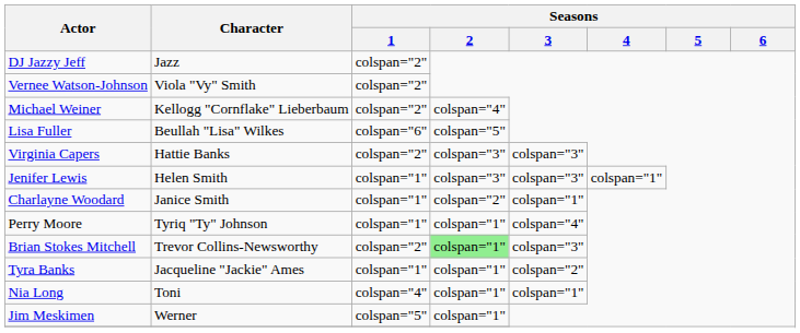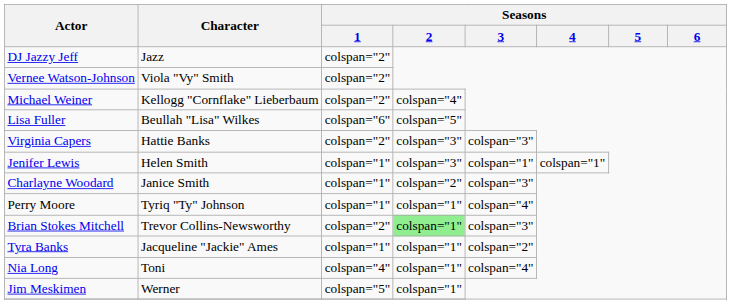 <table class="wikitable plainrowheaders">
 <tr>
 <th scope="col" rowspan="2">Actor</th>
 <th scope="col" rowspan="2">Character</th>
 <th scope="col" colspan="11">Seasons</th>
 </tr>
 <tr>
 <th scope="col" style="width:4em;"><a href='#'>1</a></th>
 <th scope="col" style="width:4em;"><a href='#'>2</a></th>
 <th scope="col" style="width:4em;"><a href='#'>3</a></th>
 <th scope="col" style="width:4em;"><a href='#'>4</a></th>
 <th scope="col" style="width:4em;"><a href='#'>5</a></th>
 <th scope="col" style="width:4em;"><a href='#'>6</a></th>
 </tr>
 <tr>
 <td scope="row"><a href='#'>DJ Jazzy Jeff</a></td>
 <td>Jazz</td>
 <td>colspan="2" </td>
 </tr>
 <tr>
 <td scope="row"><a href='#'>Vernee Watson-Johnson</a></td>
 <td List of The Fresh Prince of Bel-Air characters#Vy Smith-Wilkes>Viola "Vy" Smith</td>
 <td>colspan="2" </td>
 </tr>
 <tr>
 <td scope="row"><a href='#'>Michael Weiner</a></td>
 <td List of The Fresh Prince of Bel-Air characters#Kellogg "Cornflake" Lieberbaum>Kellogg "Cornflake" Lieberbaum</td>
 <td>colspan="2" </td>
 <td>colspan="4" </td>
 </tr>
 <tr>
 <td scope="row"><a href='#'>Lisa Fuller</a></td>
 <td List of The Fresh Prince of Bel-Air characters#Lisa Wilkes>Beullah "Lisa" Wilkes</td>
 <td>colspan="6" </td>
 <td>colspan="5" </td>
 </tr>
 <tr>
 <td scope="row"><a href='#'>Virginia Capers</a></td>
 <td List of The Fresh Prince of Bel-Air characters#Hattie Banks>Hattie Banks</td>
 <td>colspan="2" </td>
 <td>colspan="3" </td>
 <td>colspan="3" </td>
 </tr>
 <tr>
 <td scope="row"><a href='#'>Jenifer Lewis</a></td>
 <td List of The Fresh Prince of Bel-Air characters#Helen Smith>Helen Smith</td>
 <td>colspan="1" </td>
 <td>colspan="3" </td>
-<td>colspan="3" </td>
+<td>colspan="1" </td>
 <td>colspan="1" </td>
 </tr>
 <tr>
 <td scope="row"><a href='#'>Charlayne Woodard</a></td>
 <td List of The Fresh Prince of Bel-Air characters#Janice Smith>Janice Smith</td>
 <td>colspan="1" </td>
 <td>colspan="2" </td>
-<td>colspan="1" </td>
+<td>colspan="3" </td>
 </tr>
 <tr>
 <td scope="row">Perry Moore</td>
 <td List of The Fresh Prince of Bel-Air characters#Tyriq Johnson>Tyriq "Ty" Johnson</td>
 <td>colspan="1" </td>
 <td>colspan="1" </td>
 <td>colspan="4" </td>
 </tr>
 <tr>
 <td scope="row"><a href='#'>Brian Stokes Mitchell</a></td>
 <td List of The Fresh Prince of Bel-Air characters#Trevor Collins-Newsworthy>Trevor Collins-Newsworthy</td>
 <td>colspan="2" </td>
 <td style="background: lightgreen;">colspan="1" </td>
 <td>colspan="3" </td>
 </tr>
 <tr>
 <td scope="row"><a href='#'>Tyra Banks</a></td>
 <td List of The Fresh Prince of Bel-Air characters#Jackie Ames>Jacqueline "Jackie" Ames</td>
 <td>colspan="1" </td>
 <td>colspan="1" </td>
 <td>colspan="2" </td>
 </tr>
 <tr>
 <td scope="row"><a href='#'>Nia Long</a></td>
 <td List of The Fresh Prince of Bel-Air characters#Toni>Toni</td>
 <td>colspan="4" </td>
 <td>colspan="1" </td>
-<td>colspan="1" </td>
+<td>colspan="4" </td>
 </tr>
 <tr>
 <td scope="row"><a href='#'>Jim Meskimen</a></td>
 <td>Werner</td>
 <td>colspan="5" </td>
 <td>colspan="1" </td>
 </tr>
 <tr>
 </tr>
 </table>
